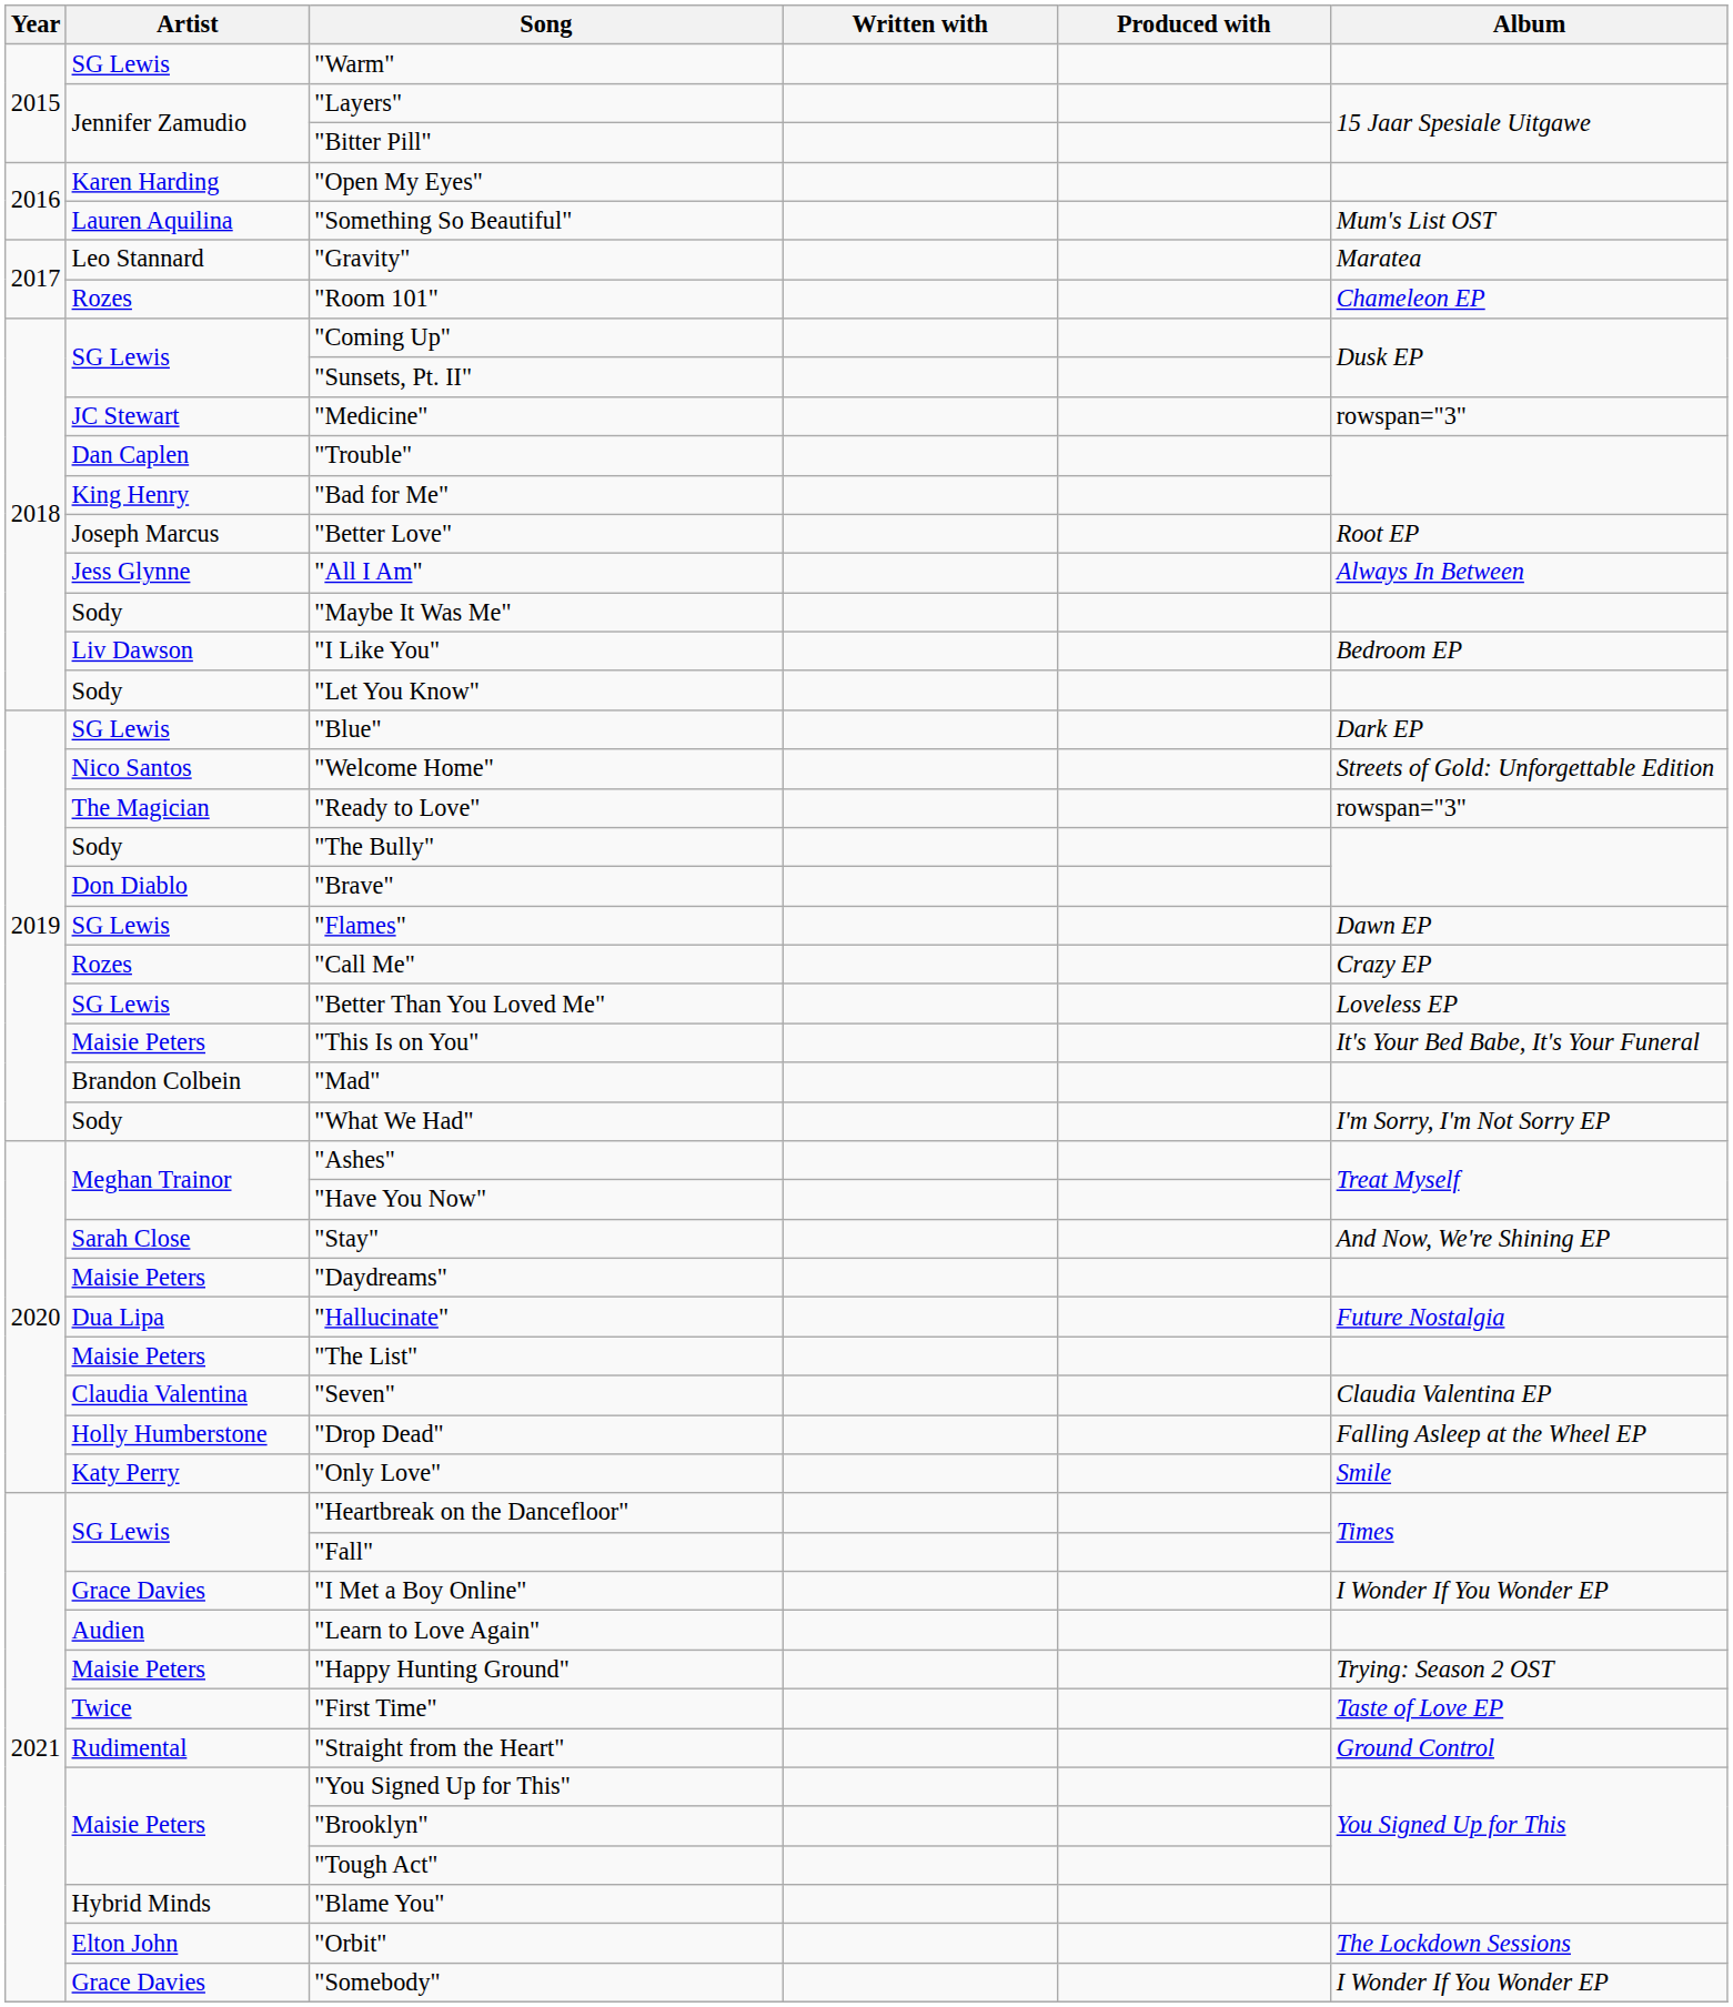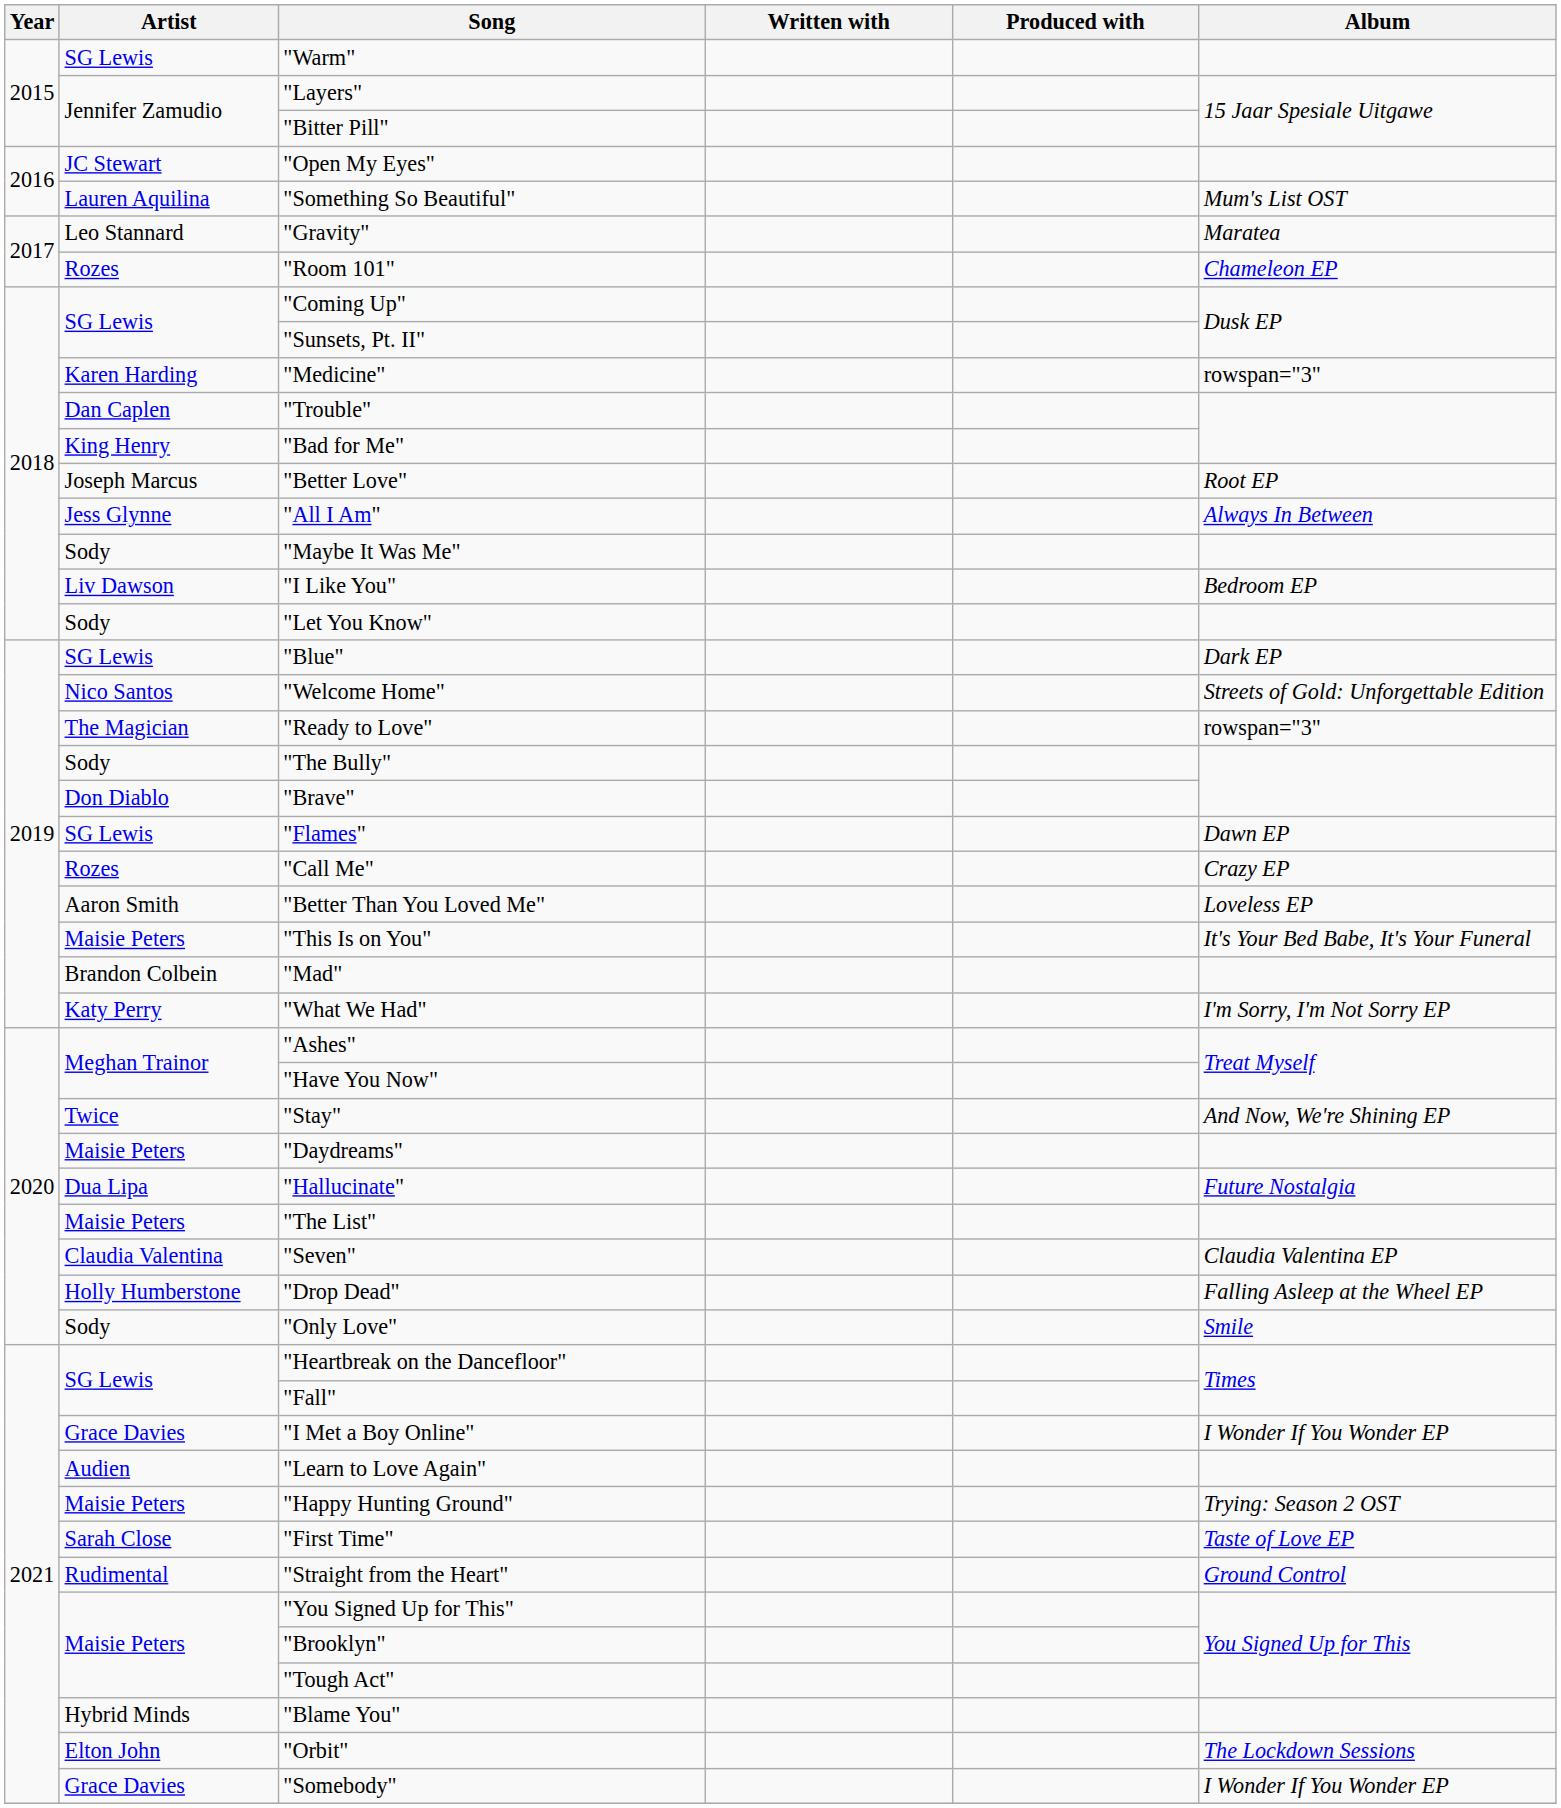 <table class="wikitable">
 <tr style="background:#ccc; text-align:center;">
 <th scope="col"><strong>Year</strong></th>
 <th scope="col" style="width: 150px;"><strong>Artist</strong></th>
 <th scope="col" style="width: 300px;"><strong>Song</strong></th>
 <th scope="col" style="width: 170px;"><strong>Written with</strong></th>
 <th scope="col" style="width: 170px;"><strong>Produced with</strong></th>
 <th scope="col" style="width: 250px;"><strong>Album</strong></th>
 </tr>
 <tr>
 <td rowspan="3">2015</td>
 <td><a href='#'>SG Lewis</a></td>
 <td>"Warm"</td>
 <td></td>
 <td></td>
 <td></td>
 </tr>
 <tr>
 <td rowspan="2">Jennifer Zamudio</td>
 <td>"Layers"</td>
 <td></td>
 <td></td>
 <td rowspan="2"><em>15 Jaar Spesiale Uitgawe</em></td>
 </tr>
 <tr>
 <td>"Bitter Pill"</td>
 <td></td>
 <td></td>
 </tr>
 <tr>
 <td rowspan="2">2016</td>
-<td><a href='#'>Karen Harding</a></td>
+<td><a href='#'>JC Stewart</a></td>
 <td>"Open My Eyes"</td>
 <td></td>
 <td></td>
 <td></td>
 </tr>
 <tr>
 <td><a href='#'>Lauren Aquilina</a></td>
 <td>"Something So Beautiful"</td>
 <td></td>
 <td></td>
 <td><em>Mum's List OST</em></td>
 </tr>
 <tr>
 <td rowspan="2">2017</td>
 <td>Leo Stannard</td>
 <td>"Gravity" </td>
 <td></td>
 <td></td>
 <td><em>Maratea</em></td>
 </tr>
 <tr>
 <td><a href='#'>Rozes</a></td>
 <td>"Room 101" </td>
 <td></td>
 <td></td>
 <td><em><a href='#'>Chameleon EP</a></em></td>
 </tr>
 <tr>
 <td rowspan="10">2018</td>
 <td rowspan="2"><a href='#'>SG Lewis</a></td>
 <td>"Coming Up"</td>
 <td></td>
 <td></td>
 <td rowspan="2"><em>Dusk EP</em></td>
 </tr>
 <tr>
 <td>"Sunsets, Pt. II"</td>
 <td></td>
 <td></td>
 </tr>
 <tr>
-<td><a href='#'>JC Stewart</a></td>
+<td><a href='#'>Karen Harding</a></td>
 <td>"Medicine"</td>
 <td></td>
 <td></td>
 <td>rowspan="3" </td>
 </tr>
 <tr>
 <td><a href='#'>Dan Caplen</a></td>
 <td>"Trouble" </td>
 <td></td>
 <td></td>
 </tr>
 <tr>
 <td><a href='#'>King Henry</a></td>
 <td>"Bad for Me" </td>
 <td></td>
 <td></td>
 </tr>
 <tr>
 <td>Joseph Marcus</td>
 <td>"Better Love"</td>
 <td></td>
 <td></td>
 <td><em>Root EP</em></td>
 </tr>
 <tr>
 <td><a href='#'>Jess Glynne</a></td>
 <td>"<a href='#'>All I Am</a>"</td>
 <td></td>
 <td></td>
 <td><em><a href='#'>Always In Between</a></em></td>
 </tr>
 <tr>
 <td>Sody</td>
 <td>"Maybe It Was Me"</td>
 <td></td>
 <td></td>
 <td></td>
 </tr>
 <tr>
 <td><a href='#'>Liv Dawson</a></td>
 <td>"I Like You"</td>
 <td></td>
 <td></td>
 <td><em>Bedroom EP</em></td>
 </tr>
 <tr>
 <td>Sody</td>
 <td>"Let You Know"</td>
 <td></td>
 <td></td>
 <td></td>
 </tr>
 <tr>
 <td rowspan="11">2019</td>
 <td><a href='#'>SG Lewis</a></td>
 <td>"Blue"</td>
 <td></td>
 <td></td>
 <td><em>Dark EP</em></td>
 </tr>
 <tr>
 <td><a href='#'>Nico Santos</a></td>
 <td>"Welcome Home"</td>
 <td></td>
 <td></td>
 <td><em>Streets of Gold: Unforgettable Edition</em></td>
 </tr>
 <tr>
 <td><a href='#'>The Magician</a></td>
 <td>"Ready to Love"</td>
 <td></td>
 <td></td>
 <td>rowspan="3" </td>
 </tr>
 <tr>
 <td>Sody</td>
 <td>"The Bully"</td>
 <td></td>
 <td></td>
 </tr>
 <tr>
 <td><a href='#'>Don Diablo</a></td>
 <td>"Brave" </td>
 <td></td>
 <td></td>
 </tr>
 <tr>
 <td><a href='#'>SG Lewis</a></td>
 <td>"<a href='#'>Flames</a>" </td>
 <td></td>
 <td></td>
 <td><em>Dawn EP</em></td>
 </tr>
 <tr>
 <td><a href='#'>Rozes</a></td>
 <td>"Call Me"</td>
 <td></td>
 <td></td>
 <td><em>Crazy EP</em></td>
 </tr>
 <tr>
-<td><a href='#'>SG Lewis</a></td>
+<td>Aaron Smith</td>
 <td>"Better Than You Loved Me"</td>
 <td></td>
 <td></td>
 <td><em>Loveless EP</em></td>
 </tr>
 <tr>
 <td><a href='#'>Maisie Peters</a></td>
 <td>"This Is on You"</td>
 <td></td>
 <td></td>
 <td><em>It's Your Bed Babe, It's Your Funeral</em></td>
 </tr>
 <tr>
 <td>Brandon Colbein</td>
 <td>"Mad"</td>
 <td></td>
 <td></td>
 <td></td>
 </tr>
 <tr>
-<td>Sody</td>
+<td><a href='#'>Katy Perry</a></td>
 <td>"What We Had"</td>
 <td></td>
 <td></td>
 <td><em>I'm Sorry, I'm Not Sorry EP</em></td>
 </tr>
 <tr>
 <td rowspan="9">2020</td>
 <td rowspan="2"><a href='#'>Meghan Trainor</a></td>
 <td>"Ashes"</td>
 <td></td>
 <td></td>
 <td rowspan="2"><em><a href='#'>Treat Myself</a></em></td>
 </tr>
 <tr>
 <td>"Have You Now"</td>
 <td></td>
 <td></td>
 </tr>
 <tr>
-<td><a href='#'>Sarah Close</a></td>
+<td><a href='#'>Twice</a></td>
 <td>"Stay"</td>
 <td></td>
 <td></td>
 <td><em>And Now, We're Shining EP</em></td>
 </tr>
 <tr>
 <td><a href='#'>Maisie Peters</a></td>
 <td>"Daydreams"</td>
 <td></td>
 <td></td>
 <td></td>
 </tr>
 <tr>
 <td><a href='#'>Dua Lipa</a></td>
 <td>"<a href='#'>Hallucinate</a>"</td>
 <td></td>
 <td></td>
 <td><em><a href='#'>Future Nostalgia</a></em></td>
 </tr>
 <tr>
 <td><a href='#'>Maisie Peters</a></td>
 <td>"The List"</td>
 <td></td>
 <td></td>
 <td></td>
 </tr>
 <tr>
 <td><a href='#'>Claudia Valentina</a></td>
 <td>"Seven"</td>
 <td></td>
 <td></td>
 <td><em>Claudia Valentina EP</em></td>
 </tr>
 <tr>
 <td><a href='#'>Holly Humberstone</a></td>
 <td>"Drop Dead"</td>
 <td></td>
 <td></td>
 <td><em>Falling Asleep at the Wheel EP</em></td>
 </tr>
 <tr>
-<td><a href='#'>Katy Perry</a></td>
+<td>Sody</td>
 <td>"Only Love"</td>
 <td></td>
 <td></td>
 <td><em><a href='#'>Smile</a></em></td>
 </tr>
 <tr>
 <td rowspan="13">2021</td>
 <td rowspan="2"><a href='#'>SG Lewis</a></td>
 <td>"Heartbreak on the Dancefloor" </td>
 <td></td>
 <td></td>
 <td rowspan="2"><em><a href='#'>Times</a></em></td>
 </tr>
 <tr>
 <td>"Fall"</td>
 <td></td>
 <td></td>
 </tr>
 <tr>
 <td><a href='#'>Grace Davies</a></td>
 <td>"I Met a Boy Online"</td>
 <td></td>
 <td></td>
 <td><em>I Wonder If You Wonder EP</em></td>
 </tr>
 <tr>
 <td><a href='#'>Audien</a></td>
 <td>"Learn to Love Again"</td>
 <td></td>
 <td></td>
 <td></td>
 </tr>
 <tr>
 <td><a href='#'>Maisie Peters</a></td>
 <td>"Happy Hunting Ground" </td>
 <td></td>
 <td></td>
 <td><em>Trying: Season 2 OST</em></td>
 </tr>
 <tr>
-<td><a href='#'>Twice</a></td>
+<td><a href='#'>Sarah Close</a></td>
 <td>"First Time"</td>
 <td></td>
 <td></td>
 <td><em><a href='#'>Taste of Love EP</a></em></td>
 </tr>
 <tr>
 <td><a href='#'>Rudimental</a></td>
 <td>"Straight from the Heart" </td>
 <td></td>
 <td></td>
 <td><em><a href='#'>Ground Control</a></em></td>
 </tr>
 <tr>
 <td rowspan="3"><a href='#'>Maisie Peters</a></td>
 <td>"You Signed Up for This"</td>
 <td></td>
 <td></td>
 <td rowspan="3"><em><a href='#'>You Signed Up for This</a></em></td>
 </tr>
 <tr>
 <td>"Brooklyn"</td>
 <td></td>
 <td></td>
 </tr>
 <tr>
 <td>"Tough Act"</td>
 <td></td>
 <td></td>
 </tr>
 <tr>
 <td>Hybrid Minds</td>
 <td>"Blame You" </td>
 <td></td>
 <td></td>
 <td></td>
 </tr>
 <tr>
 <td><a href='#'>Elton John</a></td>
 <td>"Orbit" </td>
 <td></td>
 <td></td>
 <td><em><a href='#'>The Lockdown Sessions</a></em></td>
 </tr>
 <tr>
 <td><a href='#'>Grace Davies</a></td>
 <td>"Somebody"</td>
 <td></td>
 <td></td>
 <td><em>I Wonder If You Wonder EP</em></td>
 </tr>
 <tr>
 </tr>
 </table>
